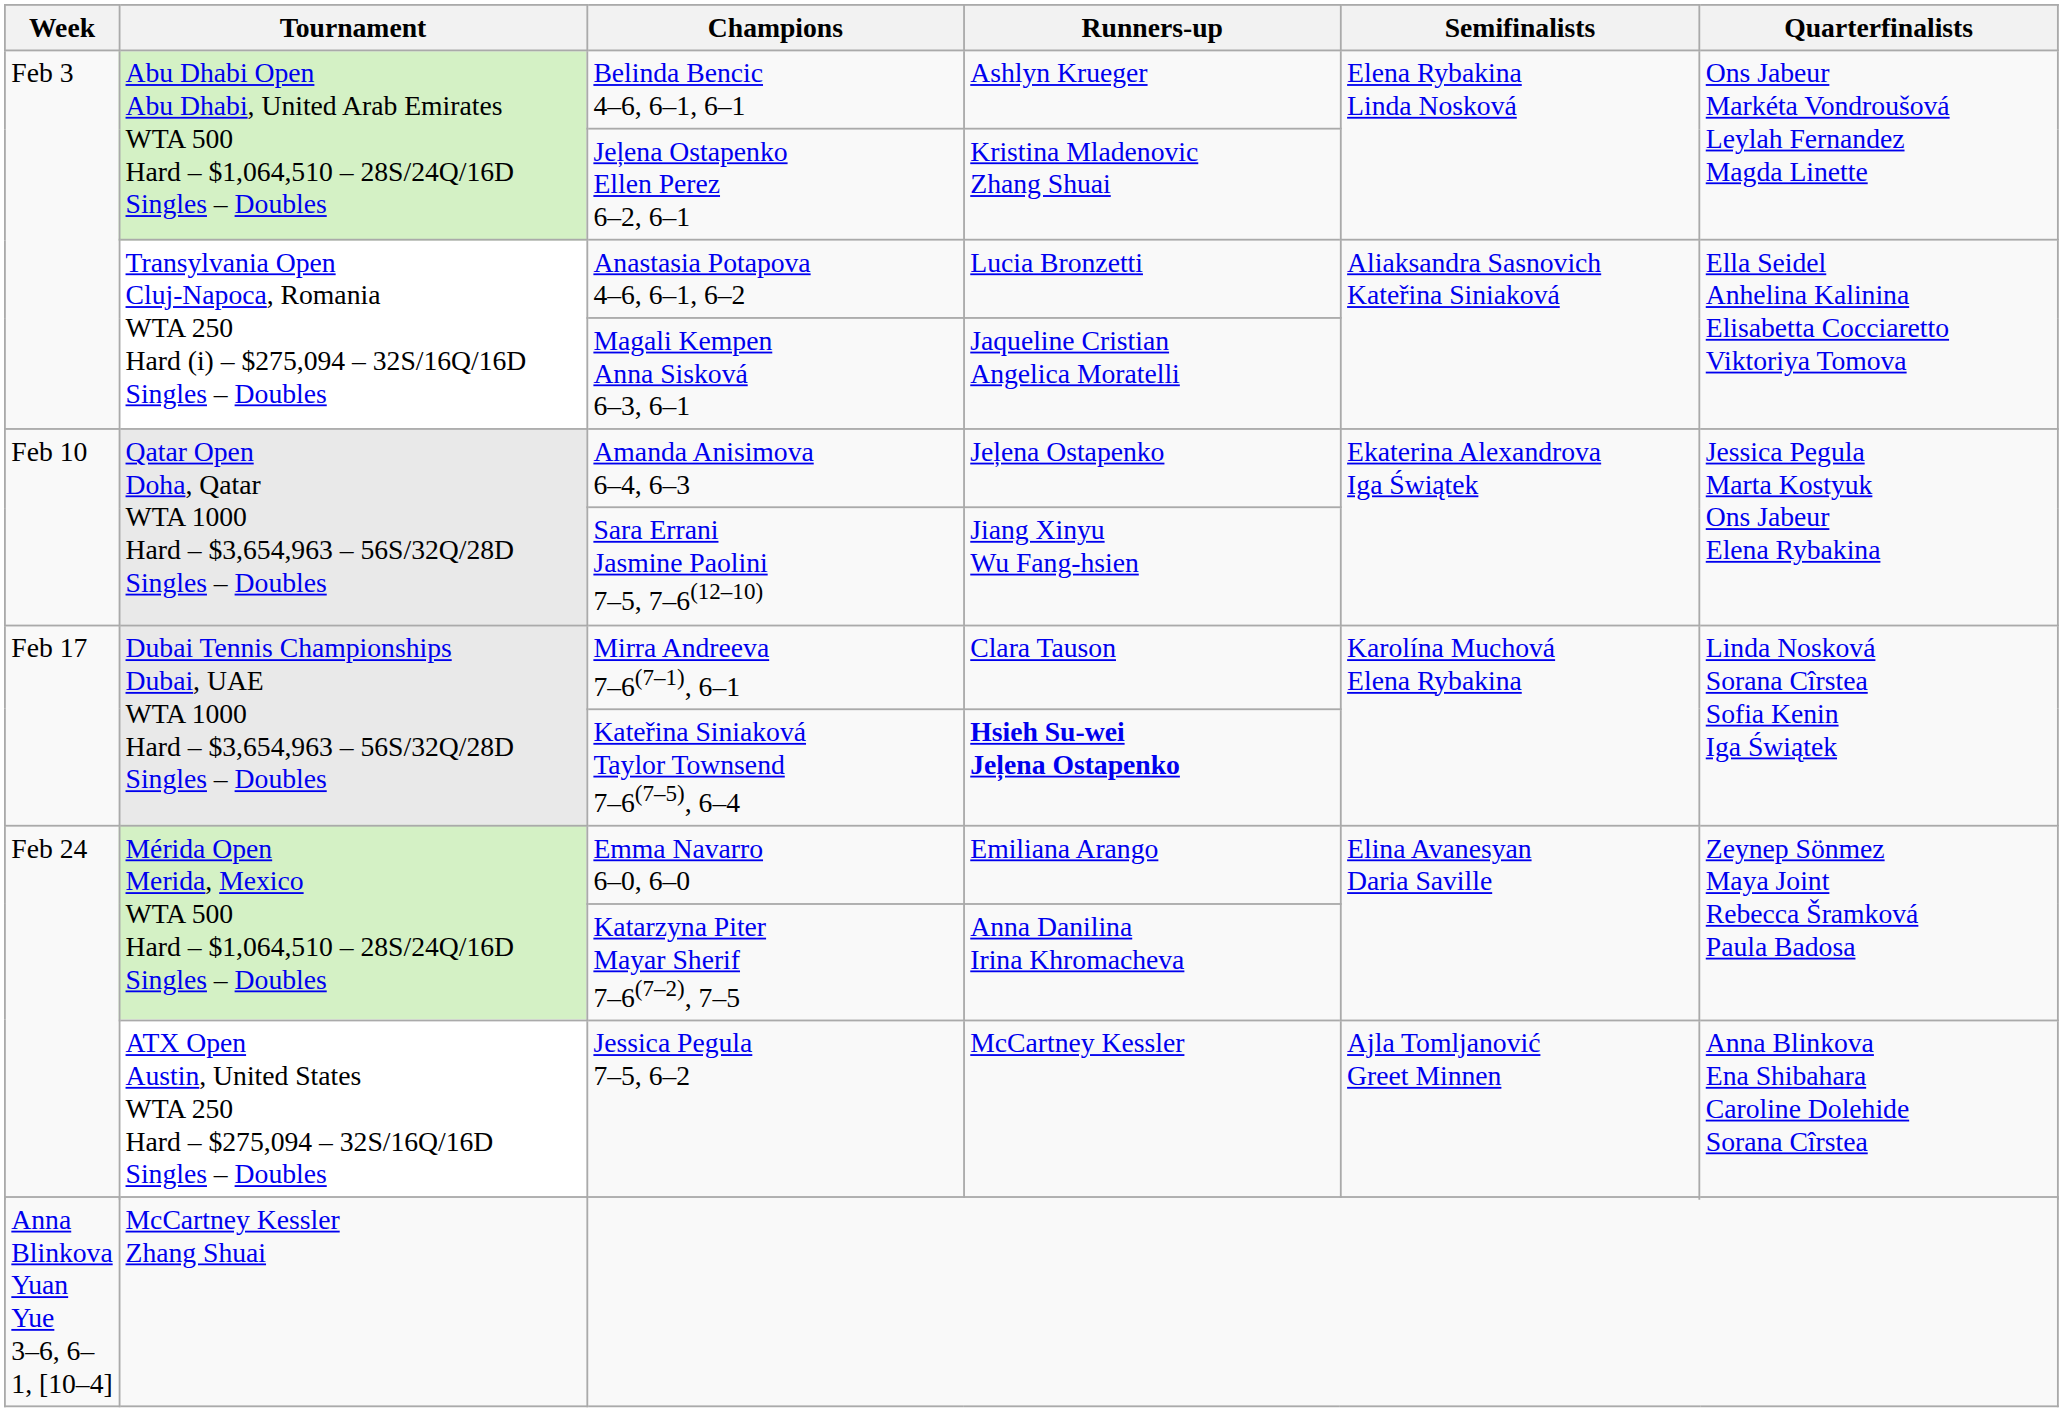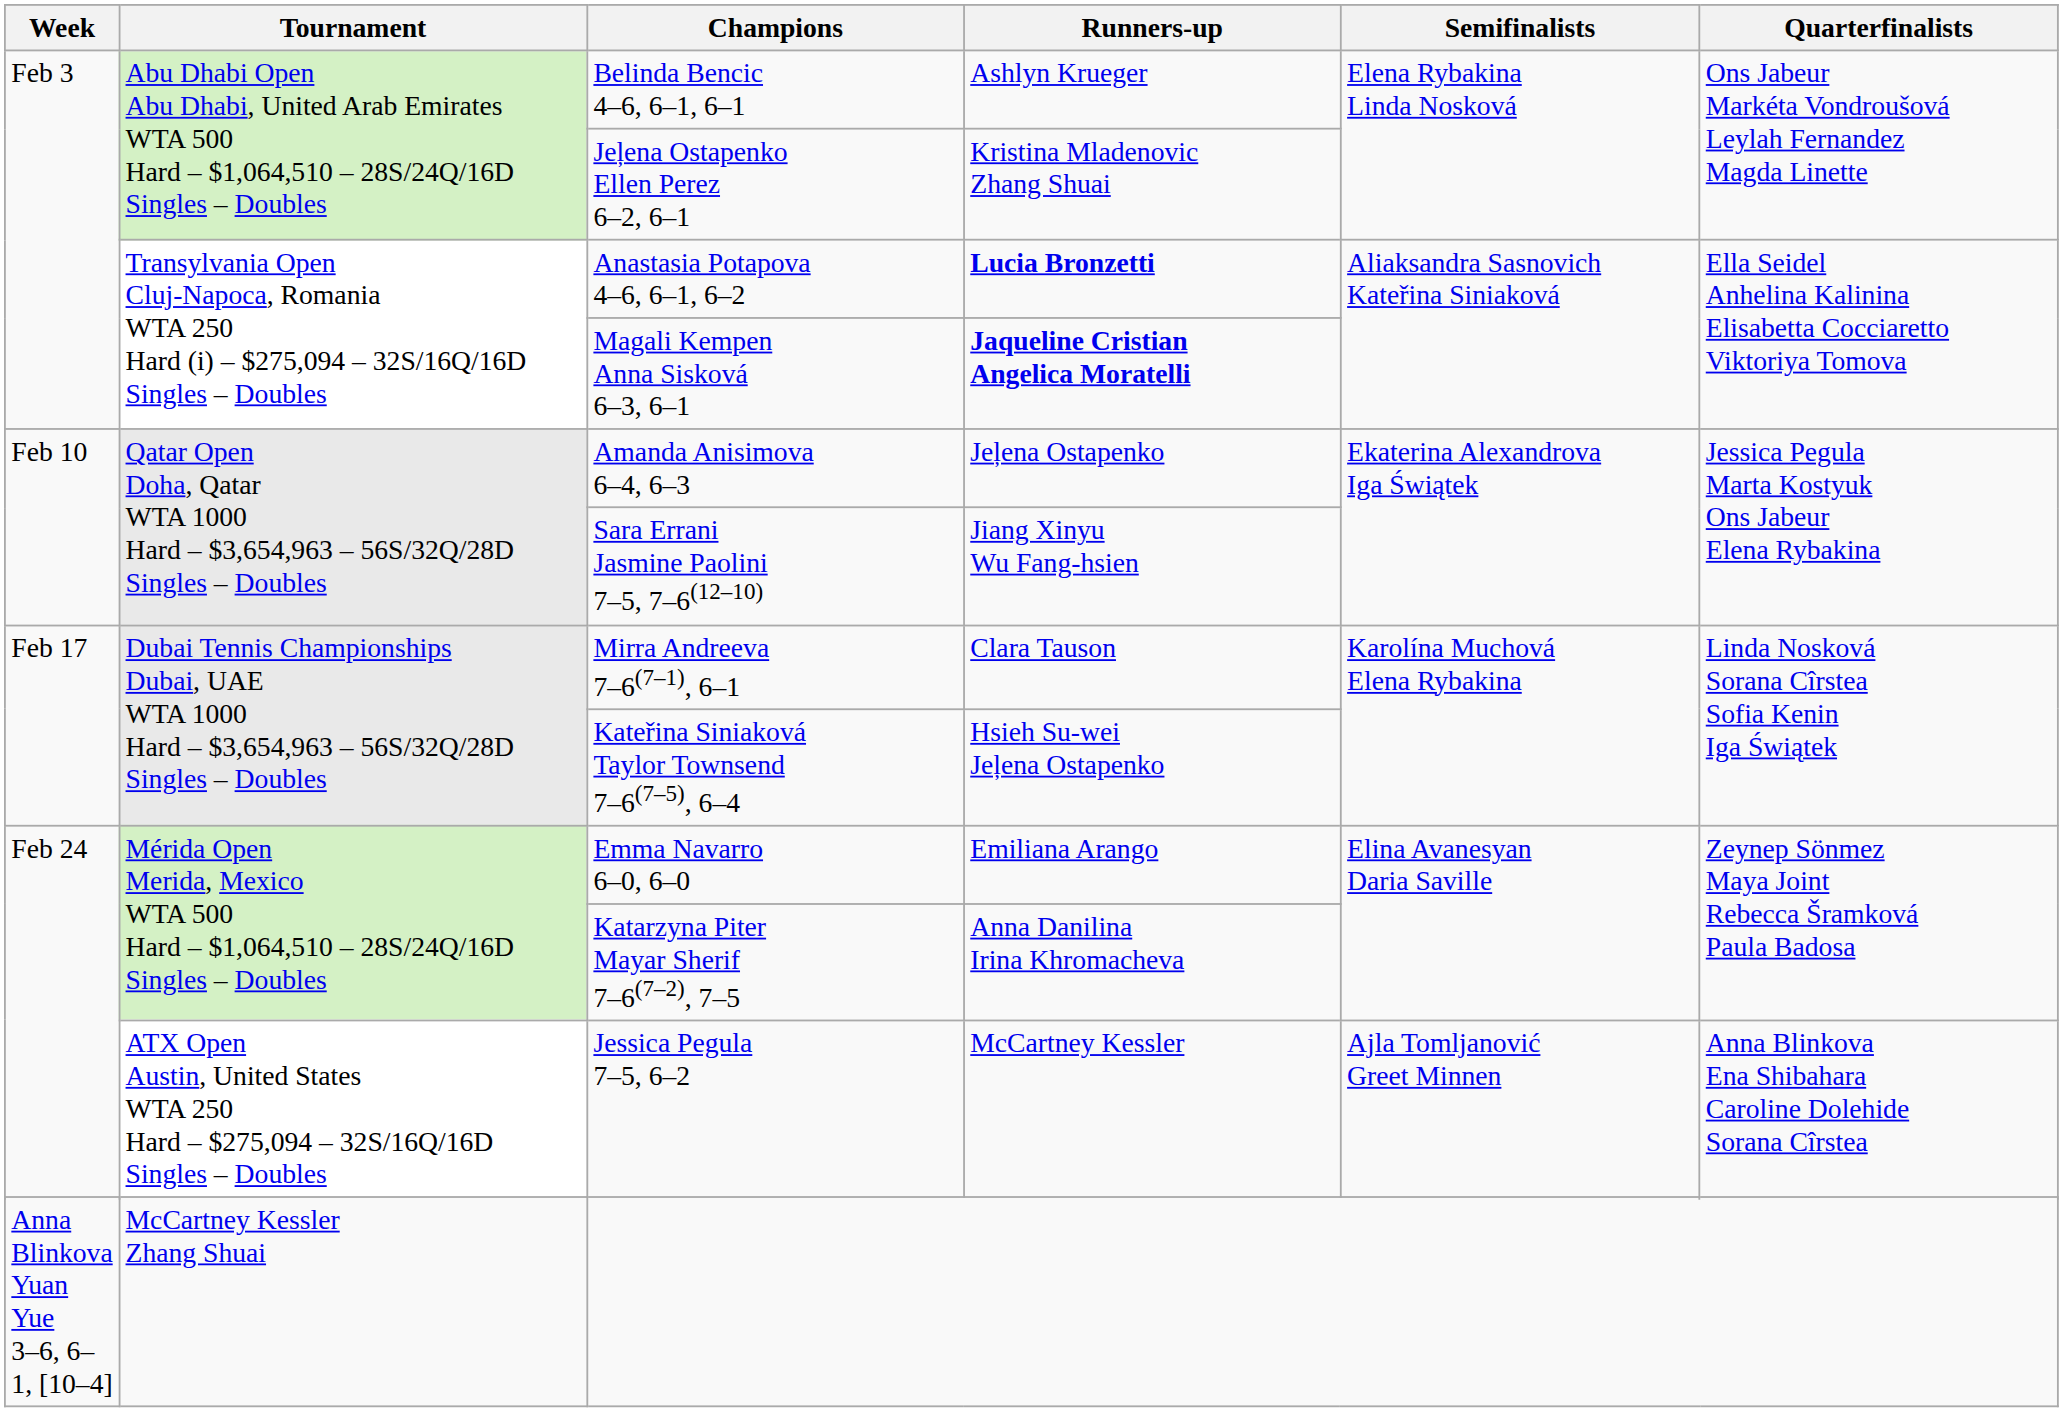 <table class=wikitable style=font-size:95%>
 <tr>
 <th style="width:48px;">Week</th>
 <th style="width:250px;">Tournament</th>
 <th style="width:200px;">Champions</th>
 <th style="width:200px;">Runners-up</th>
 <th style="width:190px;">Semifinalists</th>
 <th style="width:190px;">Quarterfinalists</th>
 </tr>
 <tr style="vertical-align:top">
 <td rowspan=4>Feb 3</td>
 <td style="background:#D4F1C5;" rowspan=2><a href='#'>Abu Dhabi Open</a><br><a href='#'>Abu Dhabi</a>, United Arab Emirates<br>WTA 500<br>Hard – $1,064,510 – 28S/24Q/16D<br><a href='#'>Singles</a> – <a href='#'>Doubles</a></td>
 <td> <a href='#'>Belinda Bencic</a><br>4–6, 6–1, 6–1</td>
 <td> <a href='#'>Ashlyn Krueger</a></td>
 <td rowspan=2> <a href='#'>Elena Rybakina</a><br> <a href='#'>Linda Nosková</a></td>
 <td rowspan=2> <a href='#'>Ons Jabeur</a><br> <a href='#'>Markéta Vondroušová</a><br> <a href='#'>Leylah Fernandez</a><br> <a href='#'>Magda Linette</a></td>
 </tr>
 <tr style="vertical-align:top">
 <td> <a href='#'>Jeļena Ostapenko</a><br> <a href='#'>Ellen Perez</a><br>6–2, 6–1</td>
 <td> <a href='#'>Kristina Mladenovic</a><br> <a href='#'>Zhang Shuai</a></td>
 </tr>
 <tr style="vertical-align:top">
 <td style="background:#fff;" rowspan=2><a href='#'>Transylvania Open</a><br><a href='#'>Cluj-Napoca</a>, Romania<br>WTA 250<br>Hard (i) – $275,094 – 32S/16Q/16D<br><a href='#'>Singles</a> – <a href='#'>Doubles</a></td>
 <td> <a href='#'>Anastasia Potapova</a><br>4–6, 6–1, 6–2</td>
-<td> <a href='#'>Lucia Bronzetti</a></td>
+<td><strong> <a href='#'>Lucia Bronzetti</a></strong></td>
 <td rowspan=2> <a href='#'>Aliaksandra Sasnovich</a><br> <a href='#'>Kateřina Siniaková</a></td>
 <td rowspan=2> <a href='#'>Ella Seidel</a><br> <a href='#'>Anhelina Kalinina</a><br> <a href='#'>Elisabetta Cocciaretto</a><br> <a href='#'>Viktoriya Tomova</a></td>
 </tr>
 <tr style="vertical-align:top">
 <td> <a href='#'>Magali Kempen</a><br> <a href='#'>Anna Sisková</a><br>6–3, 6–1</td>
-<td> <a href='#'>Jaqueline Cristian</a><br> <a href='#'>Angelica Moratelli</a></td>
+<td><strong> <a href='#'>Jaqueline Cristian</a><br> <a href='#'>Angelica Moratelli</a></strong></td>
 </tr>
 <tr style="vertical-align:top">
 <td rowspan=2>Feb 10</td>
 <td style="background:#e9e9e9;" rowspan=2><a href='#'>Qatar Open</a><br><a href='#'>Doha</a>, Qatar<br>WTA 1000<br>Hard – $3,654,963 – 56S/32Q/28D<br><a href='#'>Singles</a> – <a href='#'>Doubles</a></td>
 <td> <a href='#'>Amanda Anisimova</a><br>6–4, 6–3</td>
 <td> <a href='#'>Jeļena Ostapenko</a></td>
 <td rowspan=2> <a href='#'>Ekaterina Alexandrova</a><br> <a href='#'>Iga Świątek</a></td>
 <td rowspan=2> <a href='#'>Jessica Pegula</a><br> <a href='#'>Marta Kostyuk</a><br> <a href='#'>Ons Jabeur</a><br> <a href='#'>Elena Rybakina</a></td>
 </tr>
 <tr style="vertical-align:top">
 <td> <a href='#'>Sara Errani</a><br> <a href='#'>Jasmine Paolini</a><br>7–5, 7–6<sup>(12–10)</sup></td>
 <td> <a href='#'>Jiang Xinyu</a><br> <a href='#'>Wu Fang-hsien</a></td>
 </tr>
 <tr style="vertical-align:top">
 <td rowspan=2>Feb 17</td>
 <td style="background:#e9e9e9;" rowspan=2><a href='#'>Dubai Tennis Championships</a><br><a href='#'>Dubai</a>, UAE<br>WTA 1000<br>Hard – $3,654,963 – 56S/32Q/28D<br><a href='#'>Singles</a> – <a href='#'>Doubles</a></td>
 <td> <a href='#'>Mirra Andreeva</a><br>7–6<sup>(7–1)</sup>, 6–1</td>
 <td> <a href='#'>Clara Tauson</a></td>
 <td rowspan=2> <a href='#'>Karolína Muchová</a><br> <a href='#'>Elena Rybakina</a></td>
 <td rowspan=2> <a href='#'>Linda Nosková</a><br> <a href='#'>Sorana Cîrstea</a><br> <a href='#'>Sofia Kenin</a><br> <a href='#'>Iga Świątek</a></td>
 </tr>
 <tr style="vertical-align:top">
 <td> <a href='#'>Kateřina Siniaková</a><br> <a href='#'>Taylor Townsend</a><br>7–6<sup>(7–5)</sup>, 6–4</td>
-<td><strong> <a href='#'>Hsieh Su-wei</a><br> <a href='#'>Jeļena Ostapenko</a></strong></td>
+<td> <a href='#'>Hsieh Su-wei</a><br> <a href='#'>Jeļena Ostapenko</a></td>
 </tr>
 <tr style="vertical-align:top">
 <td rowspan=4>Feb 24</td>
 <td style="background:#D4F1C5;" rowspan=2><a href='#'>Mérida Open</a><br><a href='#'>Merida</a>, <a href='#'>Mexico</a><br>WTA 500<br>Hard – $1,064,510 – 28S/24Q/16D<br><a href='#'>Singles</a> – <a href='#'>Doubles</a></td>
 <td> <a href='#'>Emma Navarro</a><br>6–0, 6–0</td>
 <td> <a href='#'>Emiliana Arango</a></td>
 <td rowspan=2> <a href='#'>Elina Avanesyan</a><br> <a href='#'>Daria Saville</a></td>
 <td rowspan=2> <a href='#'>Zeynep Sönmez</a><br> <a href='#'>Maya Joint</a><br> <a href='#'>Rebecca Šramková</a><br> <a href='#'>Paula Badosa</a></td>
 </tr>
 <tr style="vertical-align:top">
 <td> <a href='#'>Katarzyna Piter</a><br> <a href='#'>Mayar Sherif</a><br>7–6<sup>(7–2)</sup>, 7–5</td>
 <td> <a href='#'>Anna Danilina</a><br> <a href='#'>Irina Khromacheva</a></td>
 </tr>
 <tr style="vertical-align:top">
 <td style="background:#fff;" rowspan=2><a href='#'>ATX Open</a><br><a href='#'>Austin</a>, United States<br>WTA 250<br>Hard – $275,094 – 32S/16Q/16D<br><a href='#'>Singles</a> – <a href='#'>Doubles</a></td>
 <td> <a href='#'>Jessica Pegula</a><br>7–5, 6–2</td>
 <td> <a href='#'>McCartney Kessler</a></td>
 <td rowspan=2> <a href='#'>Ajla Tomljanović</a><br> <a href='#'>Greet Minnen</a></td>
 <td rowspan=2> <a href='#'>Anna Blinkova</a><br> <a href='#'>Ena Shibahara</a><br> <a href='#'>Caroline Dolehide</a><br> <a href='#'>Sorana Cîrstea</a></td>
 </tr>
 <tr style="vertical-align:top">
 </tr>
 <tr style="vertical-align:top">
 <td> <a href='#'>Anna Blinkova</a><br> <a href='#'>Yuan Yue</a><br>	3–6, 6–1, [10–4]</td>
 <td> <a href='#'>McCartney Kessler</a><br> <a href='#'>Zhang Shuai</a></td>
 </tr>
 </table>
